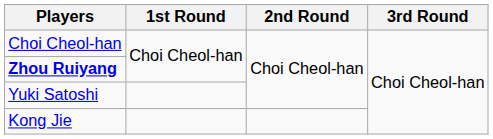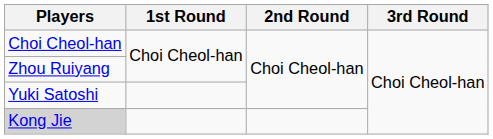 <table class="wikitable">
 <tr>
 <th>Players</th>
 <th>1st Round</th>
 <th>2nd Round</th>
 <th>3rd Round</th>
 </tr>
 <tr>
 <td> <a href='#'>Choi Cheol-han</a></td>
 <td rowspan="2" valign="center">Choi Cheol-han</td>
 <td rowspan="3" valign="center">Choi Cheol-han</td>
 <td rowspan="4" valign="center">Choi Cheol-han</td>
 </tr>
 <tr>
-<td><strong> <a href='#'>Zhou Ruiyang</a></strong></td>
+<td> <a href='#'>Zhou Ruiyang</a></td>
 </tr>
 <tr>
 <td> <a href='#'>Yuki Satoshi</a></td>
 <td></td>
 </tr>
 <tr>
-<td> <a href='#'>Kong Jie</a></td>
+<td style="background: lightgrey;"> <a href='#'>Kong Jie</a></td>
 <td></td>
 <td></td>
 </tr>
 </table>
